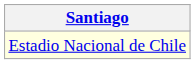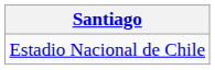 <table class="wikitable" style="text-align:center;">
 <tr>
 <th><a href='#'>Santiago</a></th>
 </tr>
 <tr>
-<td style="background: lightyellow;"><a href='#'>Estadio Nacional de Chile</a></td>
+<td><a href='#'>Estadio Nacional de Chile</a></td>
 </tr>
 </table>
